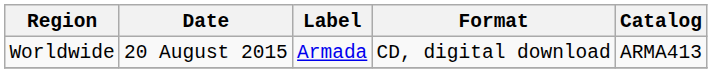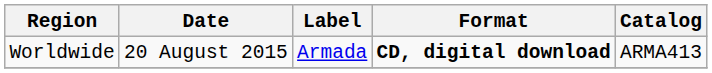 <table class=wikitable>
 <tr>
 <th>Region</th>
 <th>Date</th>
 <th>Label</th>
 <th>Format</th>
 <th>Catalog</th>
 </tr>
 <tr>
 <td>Worldwide</td>
 <td>20 August 2015</td>
 <td><a href='#'>Armada</a></td>
-<td>CD, digital download</td>
+<td><strong>CD, digital download</strong></td>
 <td>ARMA413</td>
 </tr>
 <tr>
 </tr>
 </table>
